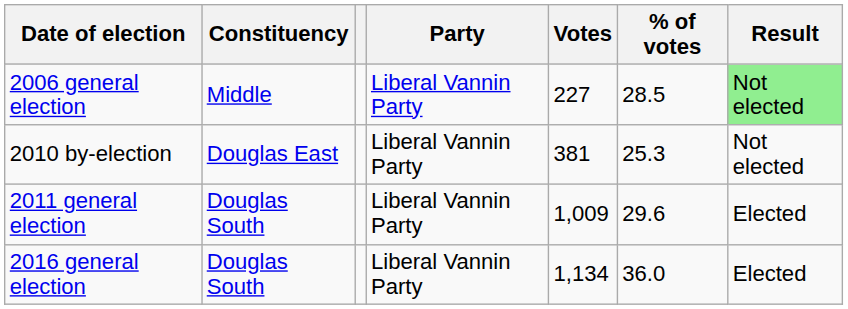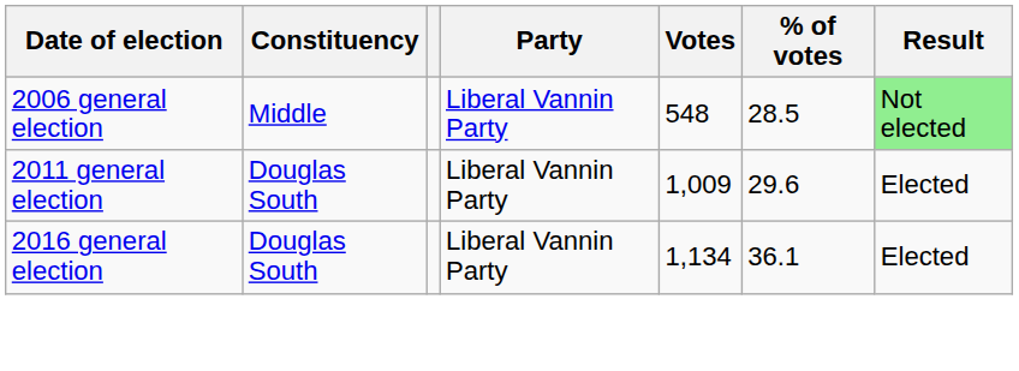 <table class="wikitable">
 <tr>
 <th>Date of election</th>
 <th>Constituency</th>
 <th></th>
 <th>Party</th>
 <th>Votes</th>
 <th>% of votes</th>
 <th>Result</th>
 </tr>
 <tr>
 <td><a href='#'>2006 general election</a></td>
 <td><a href='#'>Middle</a></td>
 <td style="background-color: "></td>
 <td><a href='#'>Liberal Vannin Party</a></td>
-<td>227</td>
+<td>548</td>
 <td>28.5</td>
 <td style="background: lightgreen;">Not elected</td>
-</tr>
-<tr>
-<td>2010 by-election</td>
-<td><a href='#'>Douglas East</a></td>
-<td style="background-color: "></td>
-<td>Liberal Vannin Party</td>
-<td>381</td>
-<td>25.3</td>
-<td>Not elected</td>
 </tr>
 <tr>
 <td><a href='#'>2011 general election</a></td>
 <td><a href='#'>Douglas South</a></td>
 <td style="background-color: "></td>
 <td>Liberal Vannin Party</td>
 <td>1,009</td>
 <td>29.6</td>
 <td>Elected</td>
 </tr>
 <tr>
 <td><a href='#'>2016 general election</a></td>
 <td><a href='#'>Douglas South</a></td>
 <td style="background-color: "></td>
 <td>Liberal Vannin Party</td>
 <td>1,134</td>
-<td>36.0</td>
+<td>36.1</td>
 <td>Elected</td>
 </tr>
 </table>
